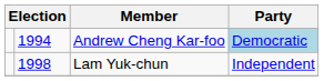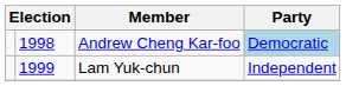 <table class="wikitable">
 <tr>
 <th colspan="2">Election</th>
 <th>Member</th>
 <th>Party</th>
 </tr>
 <tr>
 <td style="background-color: "></td>
-<td><a href='#'>1994</a></td>
+<td><a href='#'>1998</a></td>
 <td><a href='#'>Andrew Cheng Kar-foo</a></td>
 <td style="background: lightblue;"><a href='#'>Democratic</a></td>
 </tr>
 <tr>
 <td style="background-color: "></td>
-<td><a href='#'>1998</a></td>
+<td><a href='#'>1999</a></td>
 <td>Lam Yuk-chun</td>
 <td><a href='#'>Independent</a></td>
 </tr>
 <tr>
 </tr>
 </table>
